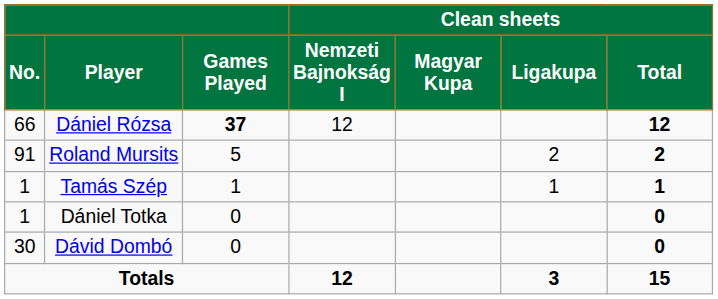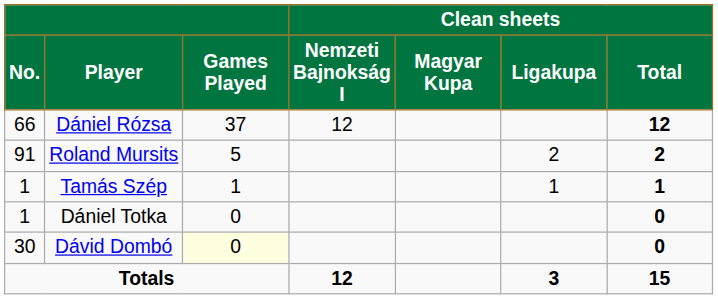 <table class="wikitable sortable alternance" style="text-align:center">
 <tr>
 <th colspan="3" style="background:#00753F;border:1px solid #A46E21"></th>
 <th colspan="4" style="background:#00753F;color:white;border:1px solid #A46E21">Clean sheets</th>
 </tr>
 <tr>
 <th style="background-color:#00753F;color:white;border:1px solid #A46E21">No.</th>
 <th style="background-color:#00753F;color:white;border:1px solid #A46E21">Player</th>
 <th width=80 style="background-color:#00753F;color:white;border:1px solid #A46E21">Games Played</th>
 <th width=80 style="background-color:#00753F;color:white;border:1px solid #A46E21">Nemzeti Bajnokság I</th>
 <th width=80 style="background-color:#00753F;color:white;border:1px solid #A46E21">Magyar Kupa</th>
 <th width=80 style="background-color:#00753F;color:white;border:1px solid #A46E21">Ligakupa</th>
 <th width=80 style="background-color:#00753F;color:white;border:1px solid #A46E21">Total</th>
 </tr>
 <tr>
 <td>66</td>
 <td> <a href='#'>Dániel Rózsa</a></td>
-<td><strong>37</strong></td>
+<td>37</td>
 <td>12</td>
 <td></td>
 <td></td>
 <td><strong>12</strong></td>
 </tr>
 <tr>
 <td>91</td>
 <td> <a href='#'>Roland Mursits</a></td>
 <td>5</td>
 <td></td>
 <td></td>
 <td>2</td>
 <td><strong>2</strong></td>
 </tr>
 <tr>
 <td>1</td>
 <td> <a href='#'>Tamás Szép</a></td>
 <td>1</td>
 <td></td>
 <td></td>
 <td>1</td>
 <td><strong>1</strong></td>
 </tr>
 <tr>
 <td>1</td>
 <td> Dániel Totka</td>
 <td>0</td>
 <td></td>
 <td></td>
 <td></td>
 <td><strong>0</strong></td>
 </tr>
 <tr>
 <td>30</td>
 <td> <a href='#'>Dávid Dombó</a></td>
-<td>0</td>
+<td style="background: lightyellow;">0</td>
 <td></td>
 <td></td>
 <td></td>
 <td><strong>0</strong></td>
 </tr>
 <tr class="sortbottom">
 <td colspan="3"><strong>Totals</strong></td>
 <td><strong>12</strong></td>
 <td></td>
 <td><strong>3</strong></td>
 <td><strong>15</strong></td>
 </tr>
 </table>
